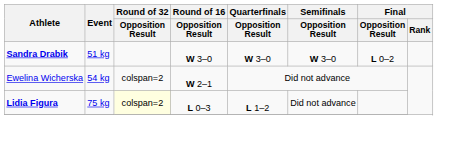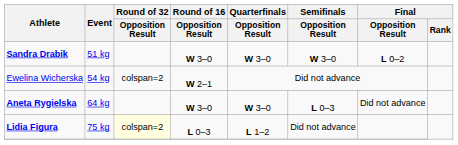 <table class="wikitable" style="font-size:90%;">
 <tr>
 <th rowspan=2>Athlete</th>
 <th rowspan=2>Event</th>
 <th>Round of 32</th>
 <th>Round of 16</th>
 <th>Quarterfinals</th>
 <th>Semifinals</th>
 <th colspan=2>Final</th>
 </tr>
 <tr style="font-size:95%">
 <th>Opposition<br>Result</th>
 <th>Opposition<br>Result</th>
 <th>Opposition<br>Result</th>
 <th>Opposition<br>Result</th>
 <th>Opposition<br>Result</th>
 <th>Rank</th>
 </tr>
 <tr align=center>
 <td align=left><strong><a href='#'>Sandra Drabik</a></strong></td>
 <td align=left><a href='#'>51 kg</a></td>
 <td></td>
 <td><br><strong>W</strong> 3–0</td>
 <td><br><strong>W</strong> 3–0</td>
 <td><br><strong>W</strong> 3–0</td>
 <td><br><strong>L</strong> 0–2</td>
 <td></td>
 </tr>
 <tr align=center>
 <td align=left><a href='#'>Ewelina Wicherska</a></td>
 <td align=left><a href='#'>54 kg</a></td>
 <td>colspan=2 </td>
 <td><br><strong>W</strong> 2–1</td>
 <td colspan=3>Did not advance</td>
 </tr>
 <tr align=center>
+<td align=left><strong><a href='#'>Aneta Rygielska</a></strong></td>
+<td align=left><a href='#'>64 kg</a></td>
+<td></td>
+<td><br><strong>W</strong> 3–0</td>
+<td><br><strong>W</strong> 3–0</td>
+<td><br><strong>L</strong> 0–3</td>
+<td colspan=1>Did not advance</td>
+<td></td>
+</tr>
+<tr align=center>
 <td align=left><strong><a href='#'>Lidia Figura</a></strong></td>
 <td align=left><a href='#'>75 kg</a></td>
 <td style="background: lightyellow;">colspan=2 </td>
 <td><br><strong>L</strong> 0–3</td>
 <td><br><strong>L</strong> 1–2</td>
 <td colspan=1>Did not advance</td>
 <td></td>
 </tr>
 <tr>
 </tr>
 </table>
